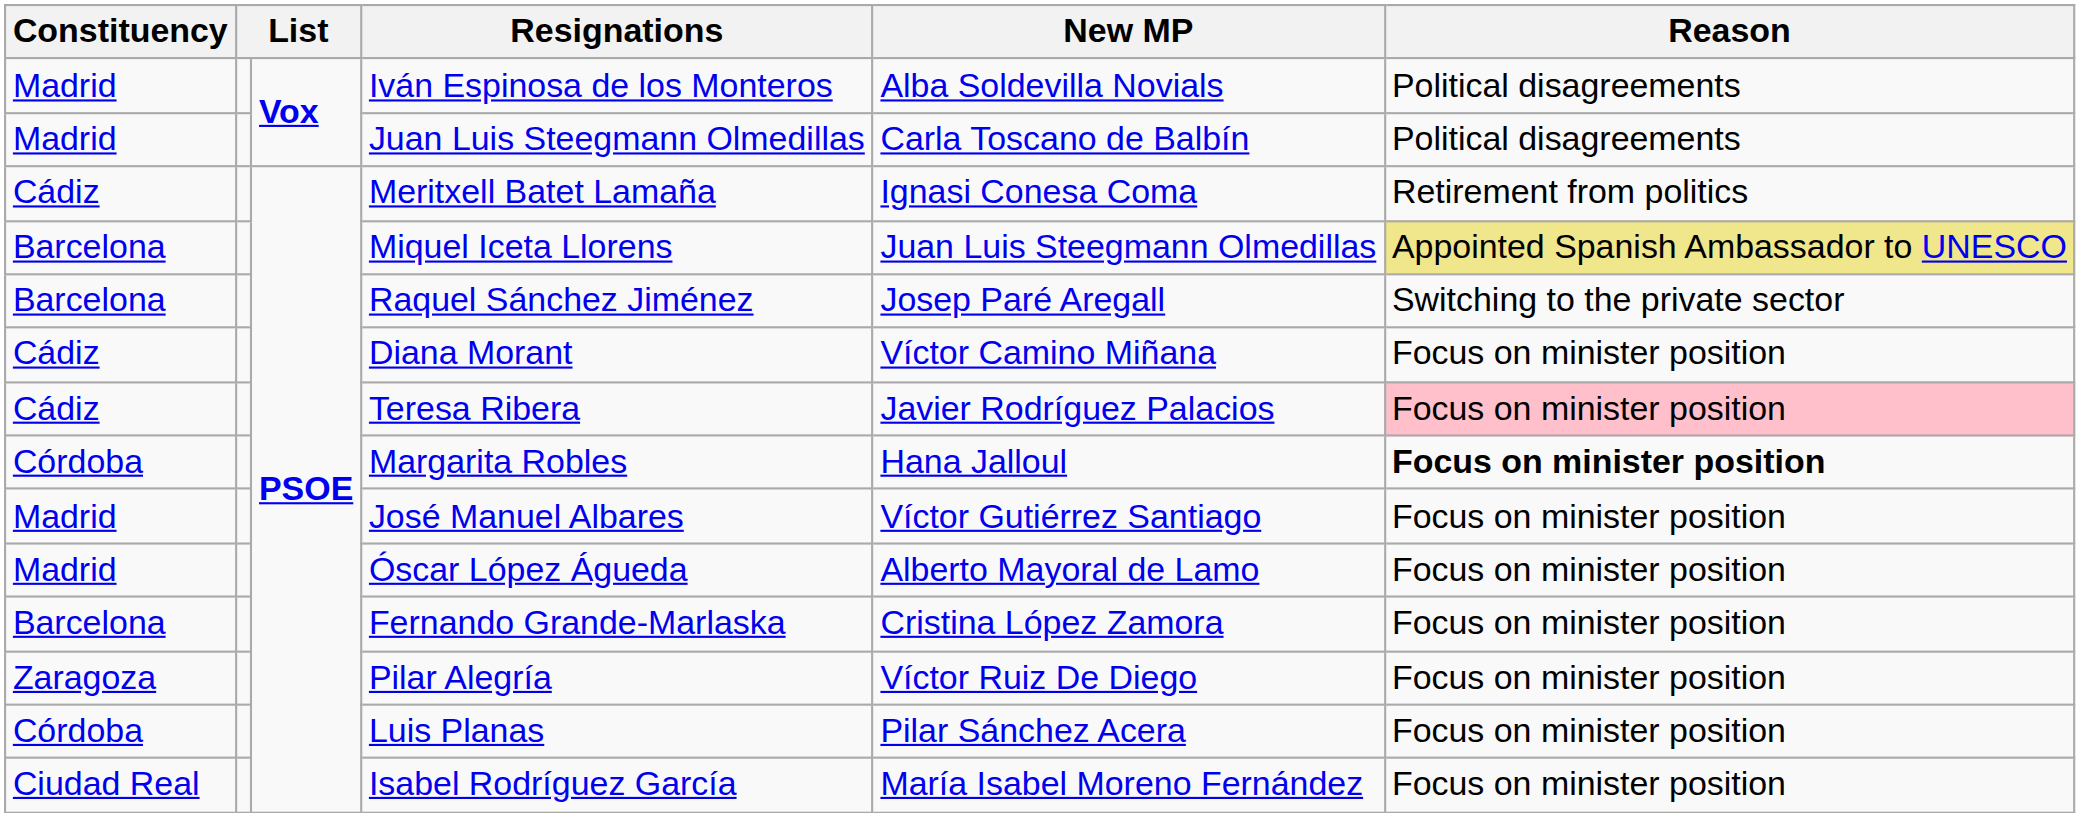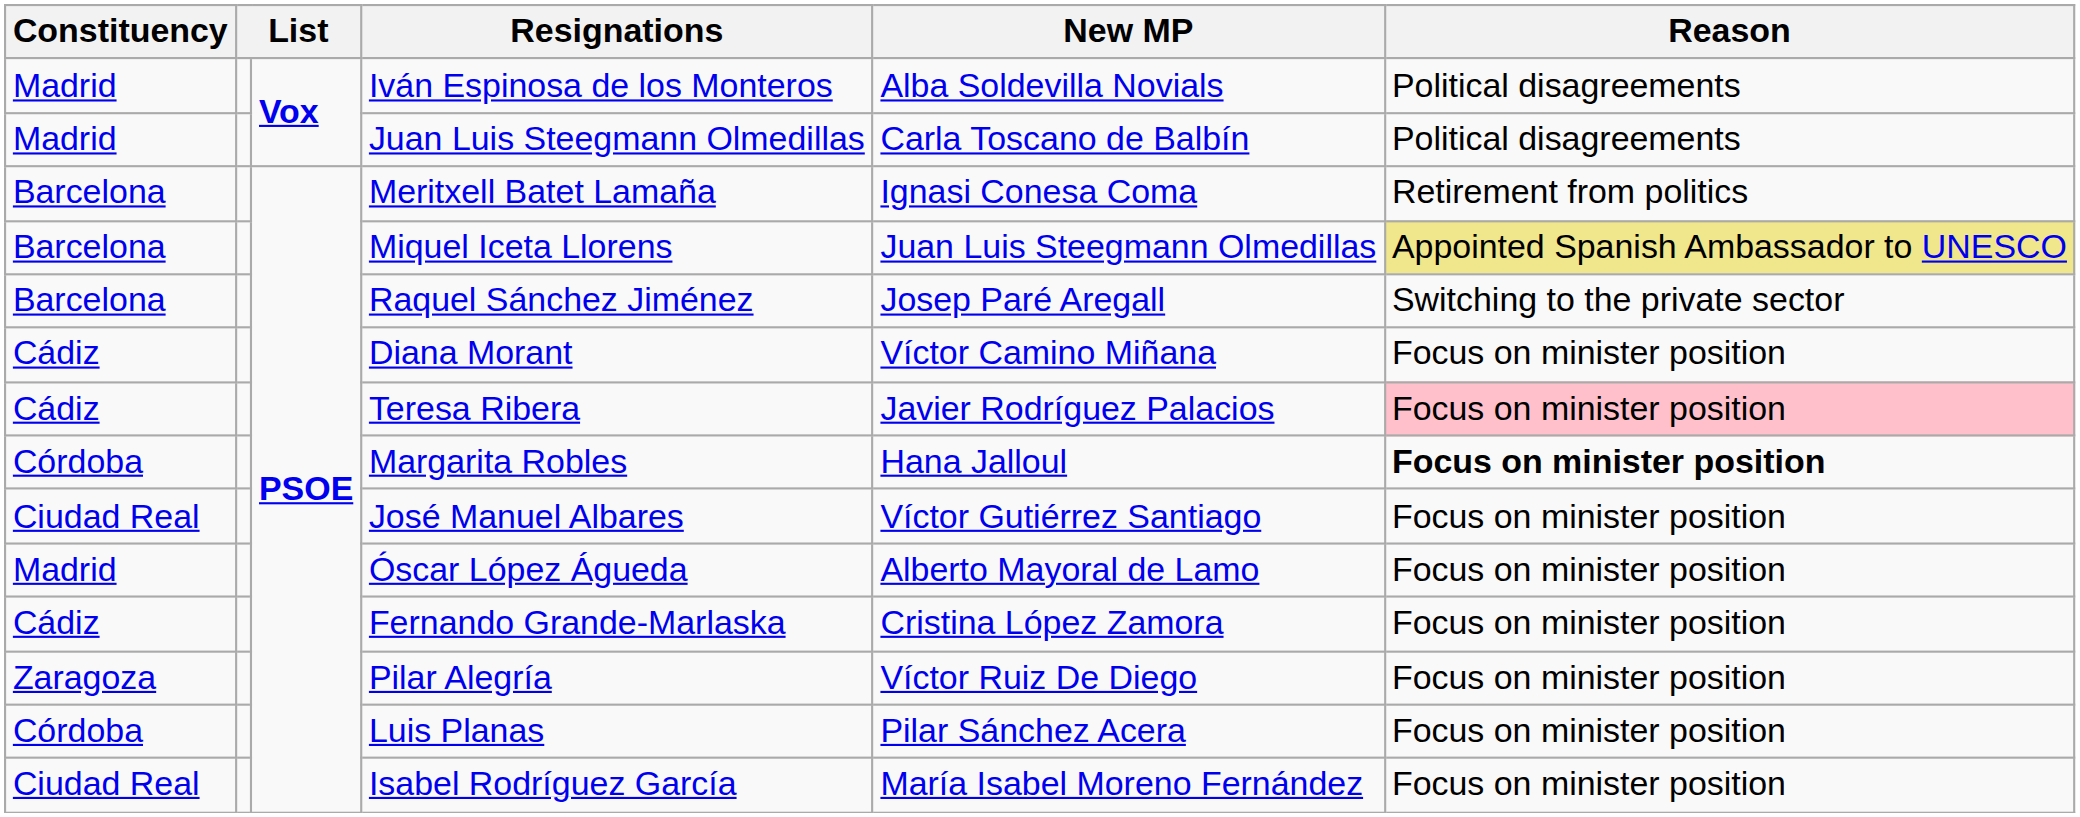 <table class="wikitable">
 <tr>
 <th>Constituency</th>
 <th colspan="2">List</th>
 <th>Resignations</th>
 <th>New MP</th>
 <th>Reason</th>
 </tr>
 <tr>
 <td><a href='#'>Madrid</a></td>
 <td></td>
 <td rowspan="2"><strong><a href='#'>Vox</a></strong></td>
 <td><a href='#'>Iván Espinosa de los Monteros</a></td>
 <td><a href='#'>Alba Soldevilla Novials</a></td>
 <td>Political disagreements</td>
 </tr>
 <tr>
 <td><a href='#'>Madrid</a></td>
 <td></td>
 <td><a href='#'>Juan Luis Steegmann Olmedillas</a></td>
 <td><a href='#'>Carla Toscano de Balbín</a></td>
 <td>Political disagreements</td>
 </tr>
 <tr>
-<td><a href='#'>Cádiz</a></td>
+<td><a href='#'>Barcelona</a></td>
 <td></td>
 <td rowspan="12"><strong><a href='#'>PSOE</a></strong></td>
 <td><a href='#'>Meritxell Batet Lamaña</a></td>
 <td><a href='#'>Ignasi Conesa Coma</a></td>
 <td>Retirement from politics</td>
 </tr>
 <tr>
 <td><a href='#'>Barcelona</a></td>
 <td></td>
 <td><a href='#'>Miquel Iceta Llorens</a></td>
 <td><a href='#'>Juan Luis Steegmann Olmedillas</a></td>
 <td style="background: khaki;">Appointed Spanish Ambassador to <a href='#'>UNESCO</a></td>
 </tr>
 <tr>
 <td><a href='#'>Barcelona</a></td>
 <td></td>
 <td><a href='#'>Raquel Sánchez Jiménez</a></td>
 <td><a href='#'>Josep Paré Aregall</a></td>
 <td>Switching to the private sector</td>
 </tr>
 <tr>
 <td><a href='#'>Cádiz</a></td>
 <td></td>
 <td><a href='#'>Diana Morant</a></td>
 <td><a href='#'>Víctor Camino Miñana</a></td>
 <td>Focus on minister position</td>
 </tr>
 <tr>
 <td><a href='#'>Cádiz</a></td>
 <td></td>
 <td><a href='#'>Teresa Ribera</a></td>
 <td><a href='#'>Javier Rodríguez Palacios</a></td>
 <td style="background: pink;">Focus on minister position</td>
 </tr>
 <tr>
 <td><a href='#'>Córdoba</a></td>
 <td></td>
 <td><a href='#'>Margarita Robles</a></td>
 <td><a href='#'>Hana Jalloul</a></td>
 <td><strong>Focus on minister position</strong></td>
 </tr>
 <tr>
-<td><a href='#'>Madrid</a></td>
+<td><a href='#'>Ciudad Real</a></td>
 <td></td>
 <td><a href='#'>José Manuel Albares</a></td>
 <td><a href='#'>Víctor Gutiérrez Santiago</a></td>
 <td>Focus on minister position</td>
 </tr>
 <tr>
 <td><a href='#'>Madrid</a></td>
 <td></td>
 <td><a href='#'>Óscar López Águeda</a></td>
 <td><a href='#'>Alberto Mayoral de Lamo</a></td>
 <td>Focus on minister position</td>
 </tr>
 <tr>
-<td><a href='#'>Barcelona</a></td>
+<td><a href='#'>Cádiz</a></td>
 <td></td>
 <td><a href='#'>Fernando Grande-Marlaska</a></td>
 <td><a href='#'>Cristina López Zamora</a></td>
 <td>Focus on minister position</td>
 </tr>
 <tr>
 <td><a href='#'>Zaragoza</a></td>
 <td></td>
 <td><a href='#'>Pilar Alegría</a></td>
 <td><a href='#'>Víctor Ruiz De Diego</a></td>
 <td>Focus on minister position</td>
 </tr>
 <tr>
 <td><a href='#'>Córdoba</a></td>
 <td></td>
 <td><a href='#'>Luis Planas</a></td>
 <td><a href='#'>Pilar Sánchez Acera</a></td>
 <td>Focus on minister position</td>
 </tr>
 <tr>
 <td><a href='#'>Ciudad Real</a></td>
 <td></td>
 <td><a href='#'>Isabel Rodríguez García</a></td>
 <td><a href='#'>María Isabel Moreno Fernández</a></td>
 <td>Focus on minister position</td>
 </tr>
 </table>
